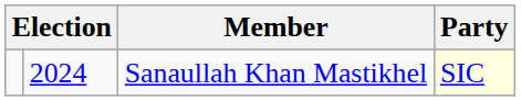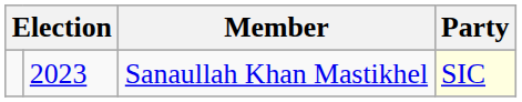 <table class="wikitable">
 <tr>
 <th colspan="2">Election</th>
 <th>Member</th>
 <th>Party</th>
 </tr>
 <tr>
 <td style="background-color: "></td>
-<td><a href='#'>2024</a></td>
+<td><a href='#'>2023</a></td>
 <td><a href='#'>Sanaullah Khan Mastikhel</a></td>
 <td style="background: lightyellow;"><a href='#'>SIC</a></td>
 </tr>
 </table>
